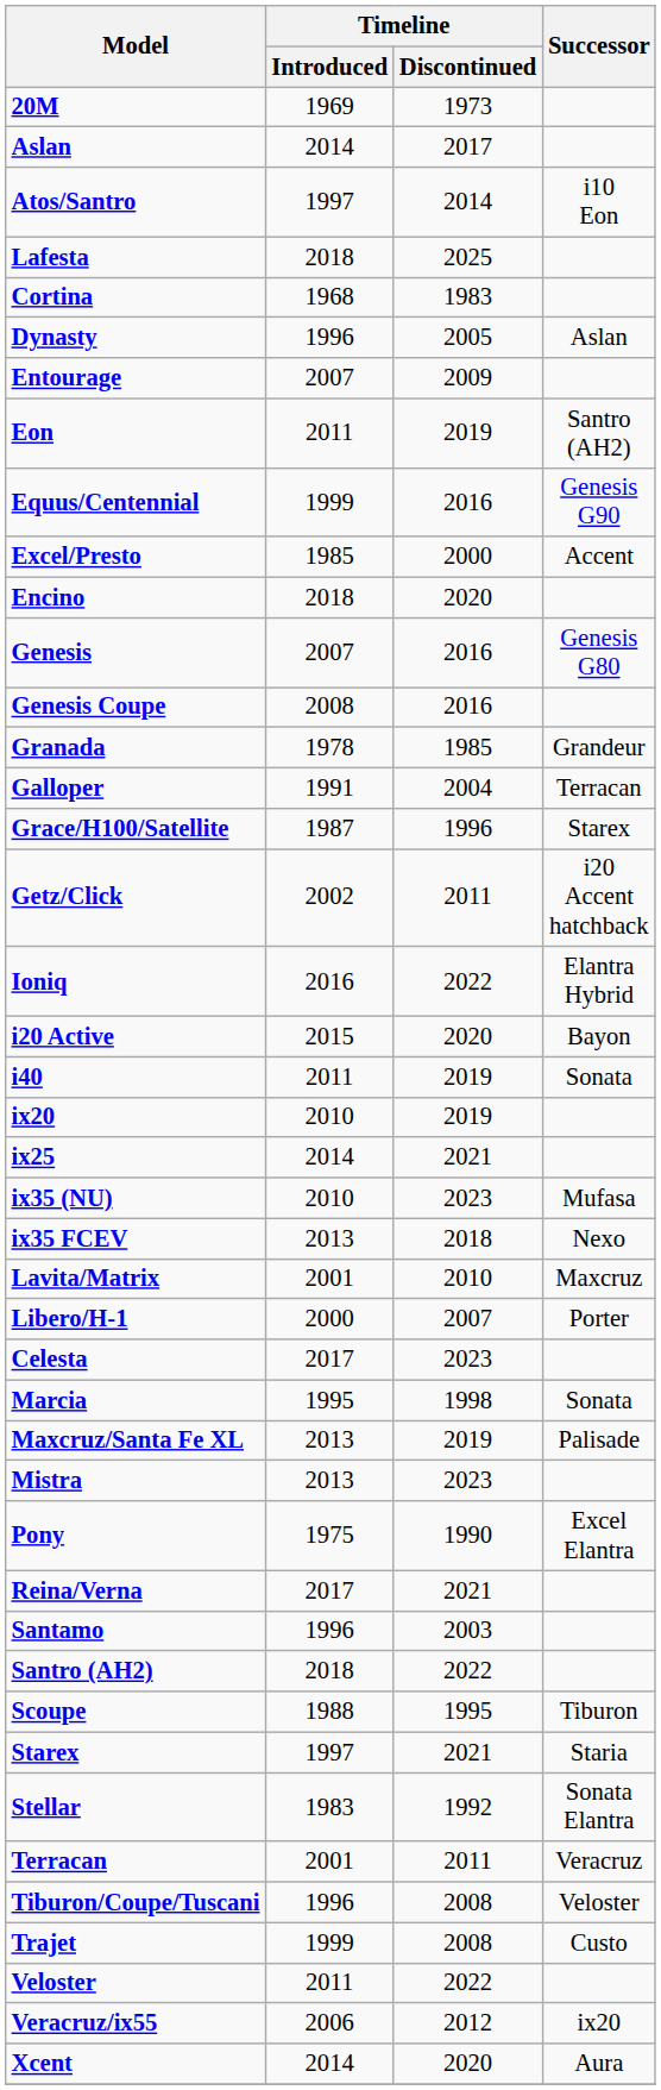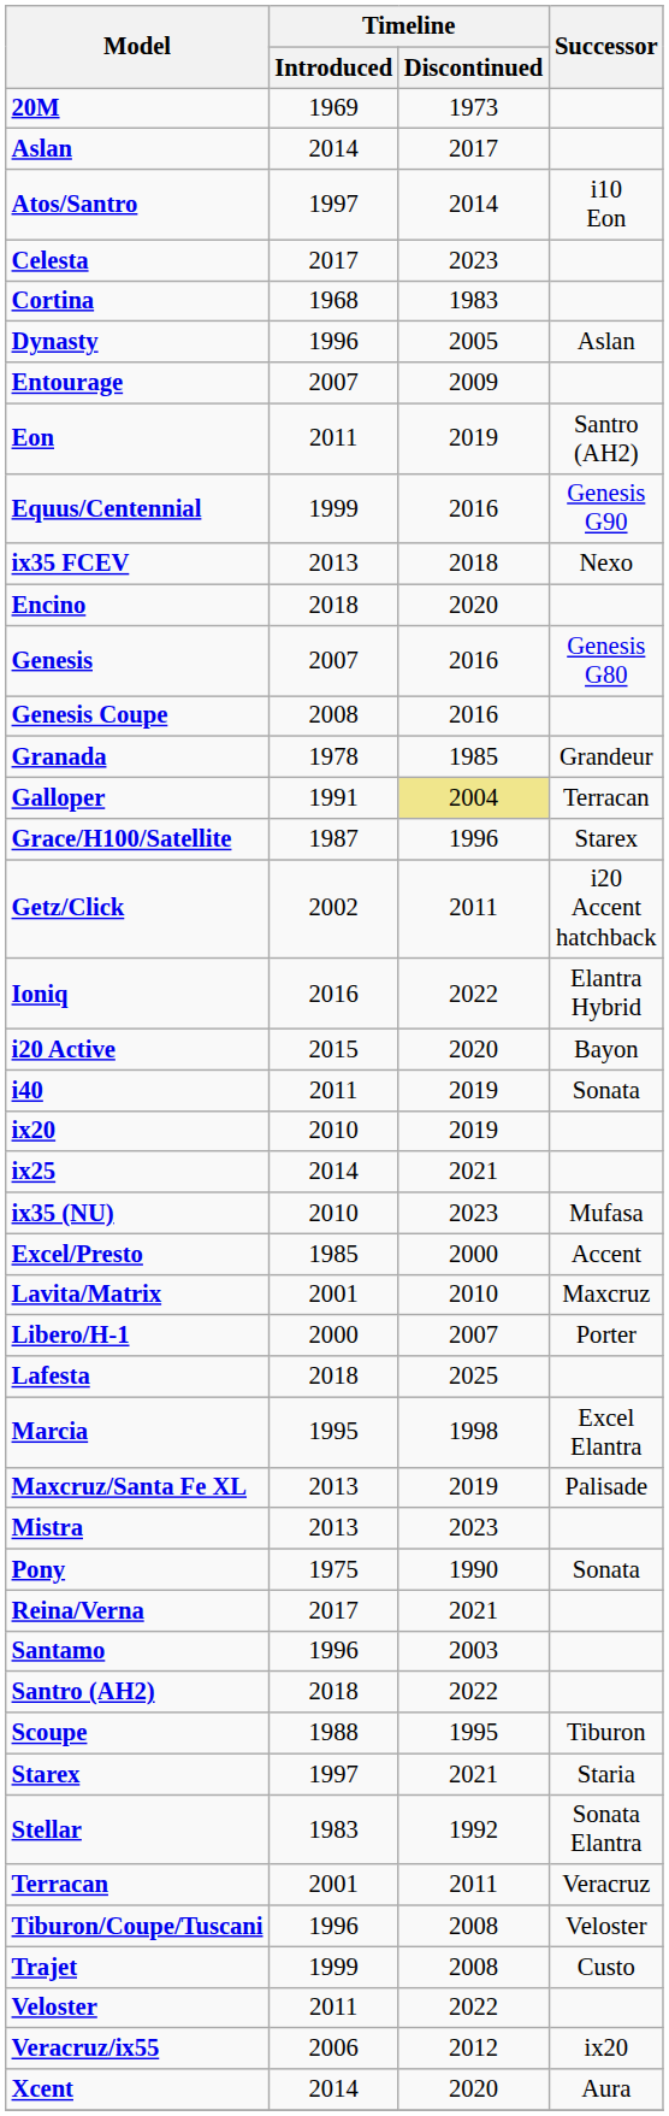 <table class="wikitable sortable" style="text-align: center; font-size: 0.90em; width: 25%">
 <tr>
 <th rowspan="2">Model</th>
 <th colspan="2">Timeline</th>
 <th rowspan="2" width="14%">Successor</th>
 </tr>
 <tr>
 <th width="25%">Introduced</th>
 <th width="25%">Discontinued</th>
 </tr>
 <tr>
 <td style="text-align: left"><a href='#'><strong>20M</strong></a></td>
 <td>1969</td>
 <td>1973</td>
 <td></td>
 </tr>
 <tr>
 <td style="text-align: left"><a href='#'><strong>Aslan</strong></a></td>
 <td>2014</td>
 <td>2017</td>
 <td></td>
 </tr>
 <tr>
 <td style="text-align: left"><a href='#'><strong>Atos/Santro</strong></a></td>
 <td>1997</td>
 <td>2014</td>
 <td>i10<br>Eon</td>
 </tr>
 <tr>
-<td style="text-align: left"><a href='#'><strong>Lafesta</strong></a></td>
-<td>2018</td>
-<td>2025</td>
+<td style="text-align: left"><a href='#'><strong>Celesta</strong></a></td>
+<td>2017</td>
+<td>2023</td>
 <td></td>
 </tr>
 <tr>
 <td style="text-align: left"><a href='#'><strong>Cortina</strong></a></td>
 <td>1968</td>
 <td>1983</td>
 <td></td>
 </tr>
 <tr>
 <td style="text-align: left"><a href='#'><strong>Dynasty</strong></a></td>
 <td>1996</td>
 <td>2005</td>
 <td>Aslan</td>
 </tr>
 <tr>
 <td style="text-align: left"><a href='#'><strong>Entourage</strong></a></td>
 <td>2007</td>
 <td>2009</td>
 <td></td>
 </tr>
 <tr>
 <td style="text-align: left"><a href='#'><strong>Eon</strong></a></td>
 <td>2011</td>
 <td>2019</td>
 <td>Santro (AH2)</td>
 </tr>
 <tr>
 <td style="text-align: left"><a href='#'><strong>Equus/Centennial</strong></a></td>
 <td>1999</td>
 <td>2016</td>
 <td><a href='#'>Genesis G90</a></td>
 </tr>
 <tr>
-<td style="text-align: left"><a href='#'><strong>Excel/Presto</strong></a></td>
-<td>1985</td>
-<td>2000</td>
-<td>Accent</td>
+<td style="text-align: left"><a href='#'><strong>ix35 FCEV</strong></a></td>
+<td>2013</td>
+<td>2018</td>
+<td>Nexo</td>
 </tr>
 <tr>
 <td style="text-align: left"><a href='#'><strong>Encino </strong></a></td>
 <td>2018</td>
 <td>2020</td>
 <td></td>
 </tr>
 <tr>
 <td style="text-align: left"><a href='#'><strong>Genesis</strong></a></td>
 <td>2007</td>
 <td>2016</td>
 <td><a href='#'>Genesis G80</a></td>
 </tr>
 <tr>
 <td style="text-align: left"><a href='#'><strong>Genesis Coupe</strong></a></td>
 <td>2008</td>
 <td>2016</td>
 <td></td>
 </tr>
 <tr>
 <td style="text-align: left"><a href='#'><strong>Granada</strong></a></td>
 <td>1978</td>
 <td>1985</td>
 <td>Grandeur</td>
 </tr>
 <tr>
 <td style="text-align: left"><strong><a href='#'>Galloper</a></strong></td>
 <td>1991</td>
-<td>2004</td>
+<td style="background: khaki;">2004</td>
 <td>Terracan</td>
 </tr>
 <tr>
 <td style="text-align: left"><a href='#'><strong>Grace/H100/Satellite</strong></a></td>
 <td>1987</td>
 <td>1996</td>
 <td>Starex</td>
 </tr>
 <tr>
 <td style="text-align: left"><a href='#'><strong>Getz/Click</strong></a></td>
 <td>2002</td>
 <td>2011</td>
 <td>i20<br>Accent hatchback</td>
 </tr>
 <tr>
 <td style="text-align: left"><a href='#'><strong>Ioniq</strong></a></td>
 <td>2016</td>
 <td>2022</td>
 <td>Elantra Hybrid</td>
 </tr>
 <tr>
 <td style="text-align: left"><a href='#'><strong>i20 Active</strong></a></td>
 <td>2015</td>
 <td>2020</td>
 <td>Bayon</td>
 </tr>
 <tr>
 <td style="text-align: left"><a href='#'><strong>i40</strong></a></td>
 <td>2011</td>
 <td>2019</td>
 <td>Sonata</td>
 </tr>
 <tr>
 <td style="text-align: left"><a href='#'><strong>ix20</strong></a></td>
 <td>2010</td>
 <td>2019</td>
 <td></td>
 </tr>
 <tr>
 <td style="text-align: left"><a href='#'><strong>ix25</strong></a></td>
 <td>2014</td>
 <td>2021</td>
 <td></td>
 </tr>
 <tr>
 <td style="text-align: left"><a href='#'><strong>ix35 (NU)</strong></a></td>
 <td>2010</td>
 <td>2023</td>
 <td>Mufasa</td>
 </tr>
 <tr>
-<td style="text-align: left"><a href='#'><strong>ix35 FCEV</strong></a></td>
-<td>2013</td>
-<td>2018</td>
-<td>Nexo</td>
+<td style="text-align: left"><a href='#'><strong>Excel/Presto</strong></a></td>
+<td>1985</td>
+<td>2000</td>
+<td>Accent</td>
 </tr>
 <tr>
 <td style="text-align: left"><a href='#'><strong>Lavita/Matrix</strong></a></td>
 <td>2001</td>
 <td>2010</td>
 <td>Maxcruz</td>
 </tr>
 <tr>
 <td style="text-align: left"><a href='#'><strong>Libero/H-1</strong></a></td>
 <td>2000</td>
 <td>2007</td>
 <td>Porter</td>
 </tr>
 <tr>
-<td style="text-align: left"><a href='#'><strong>Celesta</strong></a></td>
-<td>2017</td>
-<td>2023</td>
+<td style="text-align: left"><a href='#'><strong>Lafesta</strong></a></td>
+<td>2018</td>
+<td>2025</td>
 <td></td>
 </tr>
 <tr>
 <td style="text-align: left"><a href='#'><strong>Marcia</strong></a></td>
 <td>1995</td>
 <td>1998</td>
-<td>Sonata</td>
+<td>Excel<br>Elantra</td>
 </tr>
 <tr>
 <td style="text-align: left"><a href='#'><strong>Maxcruz/Santa Fe XL</strong></a></td>
 <td>2013</td>
 <td>2019</td>
 <td>Palisade</td>
 </tr>
 <tr>
 <td style="text-align: left"><a href='#'><strong>Mistra</strong></a></td>
 <td>2013</td>
 <td>2023</td>
 <td></td>
 </tr>
 <tr>
 <td style="text-align: left"><a href='#'><strong>Pony</strong></a></td>
 <td>1975</td>
 <td>1990</td>
-<td>Excel<br>Elantra</td>
+<td>Sonata</td>
 </tr>
 <tr>
 <td style="text-align: left"><strong><a href='#'>Reina/Verna</a></strong></td>
 <td>2017</td>
 <td>2021</td>
 <td></td>
 </tr>
 <tr>
 <td style="text-align: left"><a href='#'><strong>Santamo</strong></a></td>
 <td>1996</td>
 <td>2003</td>
 <td></td>
 </tr>
 <tr>
 <td style="text-align: left"><a href='#'><strong>Santro (AH2)</strong></a></td>
 <td>2018</td>
 <td>2022</td>
 <td></td>
 </tr>
 <tr>
 <td style="text-align: left"><a href='#'><strong>Scoupe</strong></a></td>
 <td>1988</td>
 <td>1995</td>
 <td>Tiburon</td>
 </tr>
 <tr>
 <td style="text-align: left"><a href='#'><strong>Starex</strong></a></td>
 <td>1997</td>
 <td>2021</td>
 <td>Staria</td>
 </tr>
 <tr>
 <td style="text-align: left"><a href='#'><strong>Stellar</strong></a></td>
 <td>1983</td>
 <td>1992</td>
 <td>Sonata<br>Elantra</td>
 </tr>
 <tr>
 <td style="text-align: left"><a href='#'><strong>Terracan</strong></a></td>
 <td>2001</td>
 <td>2011</td>
 <td>Veracruz</td>
 </tr>
 <tr>
 <td style="text-align: left"><a href='#'><strong>Tiburon/Coupe/Tuscani</strong></a></td>
 <td>1996</td>
 <td>2008</td>
 <td>Veloster</td>
 </tr>
 <tr>
 <td style="text-align: left"><a href='#'><strong>Trajet</strong></a></td>
 <td>1999</td>
 <td>2008</td>
 <td>Custo</td>
 </tr>
 <tr>
 <td style="text-align: left"><a href='#'><strong>Veloster</strong></a></td>
 <td>2011</td>
 <td>2022</td>
 <td></td>
 </tr>
 <tr>
 <td style="text-align: left"><a href='#'><strong>Veracruz/ix55</strong></a></td>
 <td>2006</td>
 <td>2012</td>
 <td>ix20</td>
 </tr>
 <tr>
 <td style="text-align: left"><a href='#'><strong>Xcent</strong></a></td>
 <td>2014</td>
 <td>2020</td>
 <td>Aura</td>
 </tr>
 <tr>
 </tr>
 </table>
